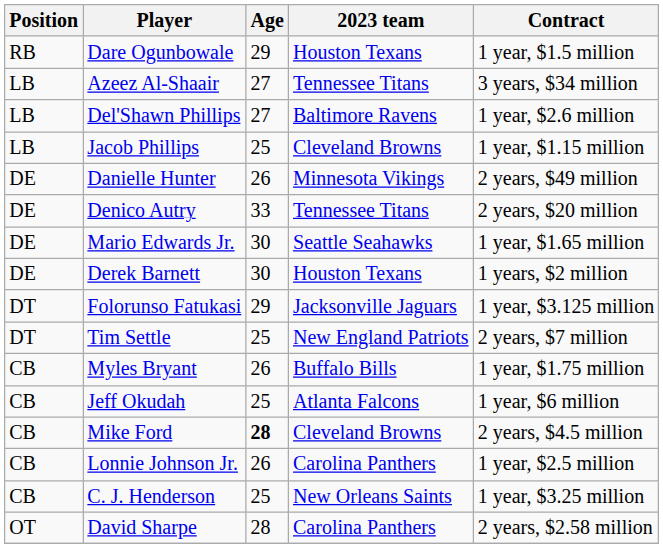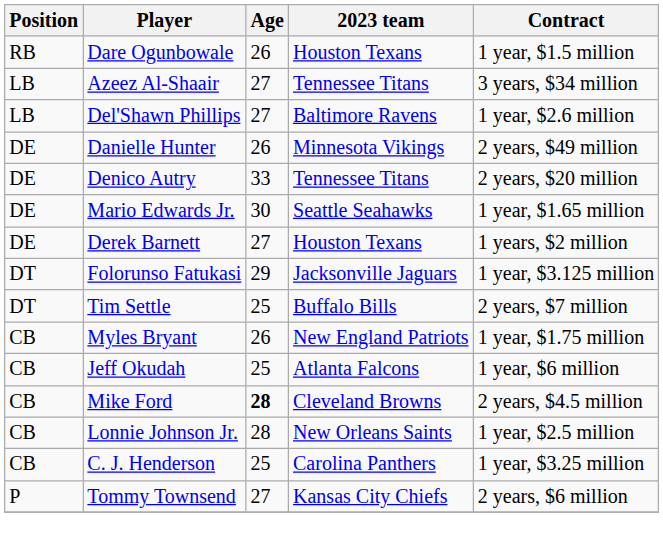 <table class="wikitable">
 <tr>
 <th>Position</th>
 <th>Player</th>
 <th>Age</th>
 <th>2023 team</th>
 <th>Contract</th>
 </tr>
 <tr>
 <td>RB</td>
 <td><a href='#'>Dare Ogunbowale</a></td>
-<td>29</td>
+<td>26</td>
 <td><a href='#'>Houston Texans</a></td>
 <td>1 year, $1.5 million</td>
 </tr>
 <tr>
 <td>LB</td>
 <td><a href='#'>Azeez Al-Shaair</a></td>
 <td>27</td>
 <td><a href='#'>Tennessee Titans</a></td>
 <td>3 years, $34 million</td>
 </tr>
 <tr>
 <td>LB</td>
 <td><a href='#'>Del'Shawn Phillips</a></td>
 <td>27</td>
 <td><a href='#'>Baltimore Ravens</a></td>
 <td>1 year, $2.6 million</td>
-</tr>
-<tr>
-<td>LB</td>
-<td><a href='#'>Jacob Phillips</a></td>
-<td>25</td>
-<td><a href='#'>Cleveland Browns</a></td>
-<td>1 year, $1.15 million</td>
 </tr>
 <tr>
 <td>DE</td>
 <td><a href='#'>Danielle Hunter</a></td>
 <td>26</td>
 <td><a href='#'>Minnesota Vikings</a></td>
 <td>2 years, $49 million</td>
 </tr>
 <tr>
 <td>DE</td>
 <td><a href='#'>Denico Autry</a></td>
 <td>33</td>
 <td><a href='#'>Tennessee Titans</a></td>
 <td>2 years, $20 million</td>
 </tr>
 <tr>
 <td>DE</td>
 <td><a href='#'>Mario Edwards Jr.</a></td>
 <td>30</td>
 <td><a href='#'>Seattle Seahawks</a></td>
 <td>1 year, $1.65 million</td>
 </tr>
 <tr>
 <td>DE</td>
 <td><a href='#'>Derek Barnett</a></td>
-<td>30</td>
+<td>27</td>
 <td><a href='#'>Houston Texans</a></td>
 <td>1 years, $2 million</td>
 </tr>
 <tr>
 <td>DT</td>
 <td><a href='#'>Folorunso Fatukasi</a></td>
 <td>29</td>
 <td><a href='#'>Jacksonville Jaguars</a></td>
 <td>1 year, $3.125 million</td>
 </tr>
 <tr>
 <td>DT</td>
 <td><a href='#'>Tim Settle</a></td>
 <td>25</td>
-<td><a href='#'>New England Patriots</a></td>
+<td><a href='#'>Buffalo Bills</a></td>
 <td>2 years, $7 million</td>
 </tr>
 <tr>
 <td>CB</td>
 <td><a href='#'>Myles Bryant</a></td>
 <td>26</td>
-<td><a href='#'>Buffalo Bills</a></td>
+<td><a href='#'>New England Patriots</a></td>
 <td>1 year, $1.75 million</td>
 </tr>
 <tr>
 <td>CB</td>
 <td><a href='#'>Jeff Okudah</a></td>
 <td>25</td>
 <td><a href='#'>Atlanta Falcons</a></td>
 <td>1 year, $6 million</td>
 </tr>
 <tr>
 <td>CB</td>
 <td><a href='#'>Mike Ford</a></td>
 <td><strong>28</strong></td>
 <td><a href='#'>Cleveland Browns</a></td>
 <td>2 years, $4.5 million</td>
 </tr>
 <tr>
 <td>CB</td>
 <td><a href='#'>Lonnie Johnson Jr.</a></td>
-<td>26</td>
-<td><a href='#'>Carolina Panthers</a></td>
+<td>28</td>
+<td><a href='#'>New Orleans Saints</a></td>
 <td>1 year, $2.5 million</td>
 </tr>
 <tr>
 <td>CB</td>
 <td><a href='#'>C. J. Henderson</a></td>
 <td>25</td>
-<td><a href='#'>New Orleans Saints</a></td>
+<td><a href='#'>Carolina Panthers</a></td>
 <td>1 year, $3.25 million</td>
 </tr>
 <tr>
-<td>OT</td>
-<td><a href='#'>David Sharpe</a></td>
-<td>28</td>
-<td><a href='#'>Carolina Panthers</a></td>
-<td>2 years, $2.58 million</td>
+<td>P</td>
+<td><a href='#'>Tommy Townsend</a></td>
+<td>27</td>
+<td><a href='#'>Kansas City Chiefs</a></td>
+<td>2 years, $6 million</td>
 </tr>
 <tr>
 </tr>
 </table>
